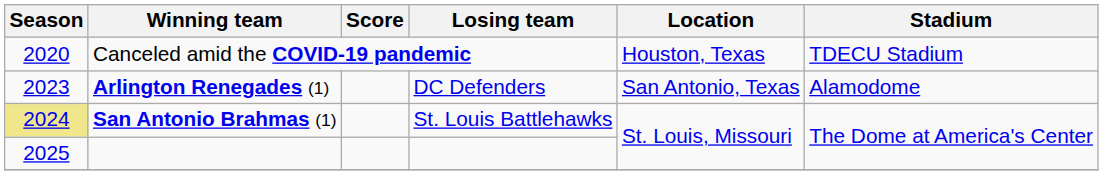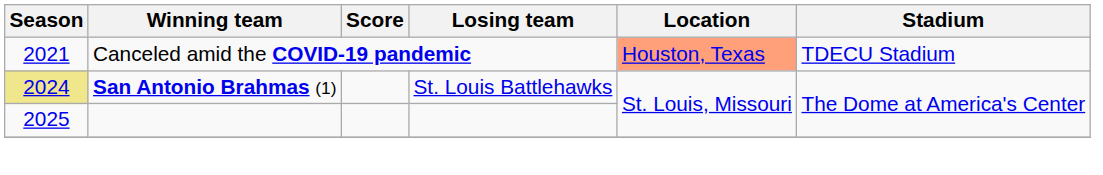 <table class="wikitable sortable">
 <tr style="background:#efefef;">
 <th>Season</th>
 <th>Winning team</th>
 <th>Score</th>
 <th>Losing team</th>
 <th>Location</th>
 <th>Stadium</th>
 </tr>
 <tr>
-<td align=center><a href='#'>2020</a></td>
+<td align=center><a href='#'>2021</a></td>
 <td colspan="3">Canceled amid the <strong><a href='#'>COVID-19 pandemic</a></strong></td>
-<td rowspan=1><a href='#'>Houston, Texas</a></td>
+<td rowspan=1 style="background: lightsalmon;"><a href='#'>Houston, Texas</a></td>
 <td rowspan=1><a href='#'>TDECU Stadium</a></td>
-</tr>
-<tr>
-<td align=center><a href='#'>2023</a></td>
-<td><strong><a href='#'>Arlington Renegades</a></strong> <small>(1)</small></td>
-<td></td>
-<td><a href='#'>DC Defenders</a></td>
-<td rowspan=1><a href='#'>San Antonio, Texas</a></td>
-<td rowspan=1><a href='#'>Alamodome</a></td>
 </tr>
 <tr>
 <td align=center style="background: khaki;"><a href='#'>2024</a></td>
 <td><strong><a href='#'>San Antonio Brahmas</a></strong> <small>(1)</small></td>
 <td></td>
 <td><a href='#'>St. Louis Battlehawks</a></td>
 <td rowspan=2><a href='#'>St. Louis, Missouri</a></td>
 <td rowspan=2><a href='#'>The Dome at America's Center</a></td>
 </tr>
 <tr>
 <td align=center><a href='#'>2025</a> </td>
 <td></td>
 <td></td>
 <td></td>
 </tr>
 <tr>
 </tr>
 </table>
